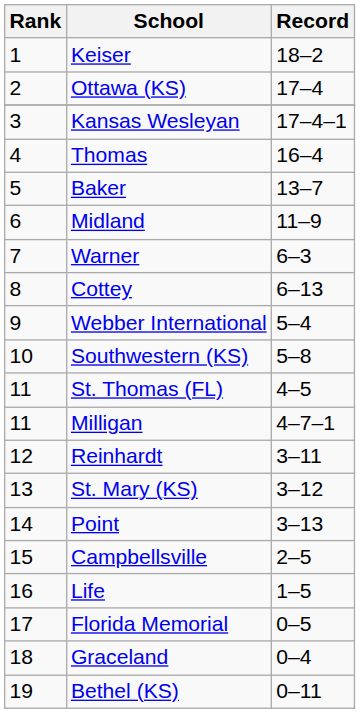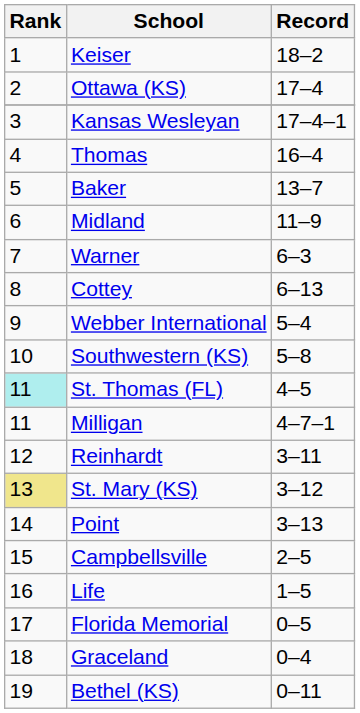 <table class="wikitable">
 <tr>
 <th>Rank</th>
 <th>School</th>
 <th>Record</th>
 </tr>
 <tr>
 <td>1</td>
 <td><a href='#'>Keiser</a></td>
 <td>18–2</td>
 </tr>
 <tr>
 <td>2</td>
 <td><a href='#'>Ottawa (KS)</a></td>
 <td>17–4</td>
 </tr>
 <tr>
 </tr>
 <tr>
 <td>3</td>
 <td><a href='#'>Kansas Wesleyan</a></td>
 <td>17–4–1</td>
 </tr>
 <tr>
 <td>4</td>
 <td><a href='#'>Thomas</a></td>
 <td>16–4</td>
 </tr>
 <tr>
 <td>5</td>
 <td><a href='#'>Baker</a></td>
 <td>13–7</td>
 </tr>
 <tr>
 <td>6</td>
 <td><a href='#'>Midland</a></td>
 <td>11–9</td>
 </tr>
 <tr>
 <td>7</td>
 <td><a href='#'>Warner</a></td>
 <td>6–3</td>
 </tr>
 <tr>
 <td>8</td>
 <td><a href='#'>Cottey</a></td>
 <td>6–13</td>
 </tr>
 <tr>
 <td>9</td>
 <td><a href='#'>Webber International</a></td>
 <td>5–4</td>
 </tr>
 <tr>
 <td>10</td>
 <td><a href='#'>Southwestern (KS)</a></td>
 <td>5–8</td>
 </tr>
 <tr>
-<td>11</td>
+<td style="background: paleturquoise;">11</td>
 <td><a href='#'>St. Thomas (FL)</a></td>
 <td>4–5</td>
 </tr>
 <tr>
 <td>11</td>
 <td><a href='#'>Milligan</a></td>
 <td>4–7–1</td>
 </tr>
 <tr>
 <td>12</td>
 <td><a href='#'>Reinhardt</a></td>
 <td>3–11</td>
 </tr>
 <tr>
-<td>13</td>
+<td style="background: khaki;">13</td>
 <td><a href='#'>St. Mary (KS)</a></td>
 <td>3–12</td>
 </tr>
 <tr>
 <td>14</td>
 <td><a href='#'>Point</a></td>
 <td>3–13</td>
 </tr>
 <tr>
 <td>15</td>
 <td><a href='#'>Campbellsville</a></td>
 <td>2–5</td>
 </tr>
 <tr>
 <td>16</td>
 <td><a href='#'>Life</a></td>
 <td>1–5</td>
 </tr>
 <tr>
 <td>17</td>
 <td><a href='#'>Florida Memorial</a></td>
 <td>0–5</td>
 </tr>
 <tr>
 <td>18</td>
 <td><a href='#'>Graceland</a></td>
 <td>0–4</td>
 </tr>
 <tr>
 <td>19</td>
 <td><a href='#'>Bethel (KS)</a></td>
 <td>0–11</td>
 </tr>
 </table>
